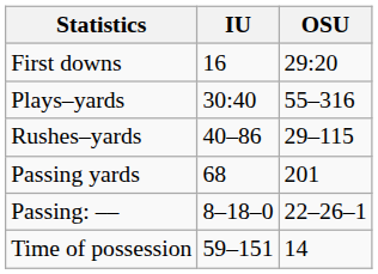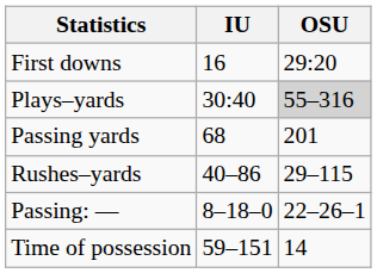 <table class="wikitable" style="float:left">
 <tr>
 <th>Statistics</th>
 <th>IU</th>
 <th>OSU</th>
 </tr>
 <tr>
 <td>First downs</td>
 <td>16</td>
 <td>29:20</td>
 </tr>
 <tr>
 <td>Plays–yards</td>
 <td>30:40</td>
-<td>55–316</td>
+<td style="background: lightgrey;">55–316</td>
+</tr>
+<tr>
+<td>Passing yards</td>
+<td>68</td>
+<td>201</td>
 </tr>
 <tr>
 <td>Rushes–yards</td>
 <td>40–86</td>
 <td>29–115</td>
-</tr>
-<tr>
-<td>Passing yards</td>
-<td>68</td>
-<td>201</td>
 </tr>
 <tr>
 <td>Passing: ––</td>
 <td>8–18–0</td>
 <td>22–26–1</td>
 </tr>
 <tr>
 <td>Time of possession</td>
 <td>59–151</td>
 <td>14</td>
 </tr>
 </table>
